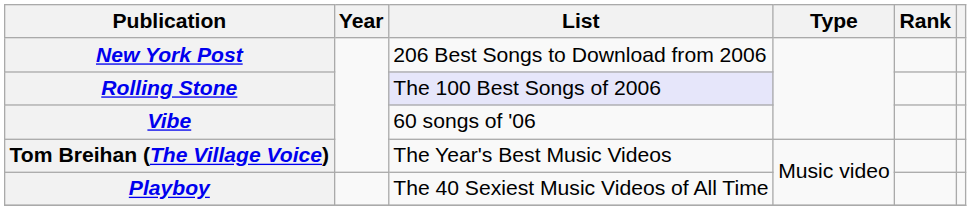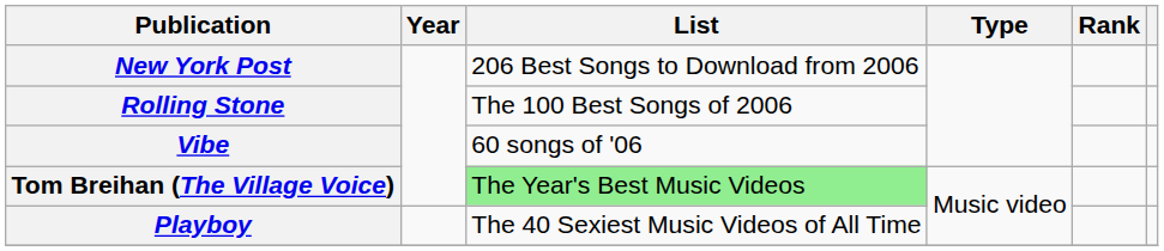 <table class="wikitable sortable plainrowheaders">
 <tr>
 <th scope="col">Publication</th>
 <th scope="col">Year</th>
 <th scope="col">List</th>
 <th scope="col">Type</th>
 <th scope="col">Rank</th>
 <th class="unsortable"></th>
 </tr>
 <tr>
 <th scope="row"><em><a href='#'>New York Post</a></em></th>
 <td rowspan="4"></td>
 <td>206 Best Songs to Download from 2006</td>
 <td rowspan="3"></td>
 <td></td>
 <td></td>
 </tr>
 <tr>
 <th scope="row"><em><a href='#'>Rolling Stone</a></em></th>
-<td style="background: lavender;">The 100 Best Songs of 2006</td>
+<td>The 100 Best Songs of 2006</td>
 <td></td>
 <td></td>
 </tr>
 <tr>
 <th scope="row"><em><a href='#'>Vibe</a></em></th>
 <td>60 songs of '06</td>
 <td></td>
 <td></td>
 </tr>
 <tr>
 <th scope="row">Tom Breihan (<em><a href='#'>The Village Voice</a></em>)</th>
-<td>The Year's Best Music Videos</td>
+<td style="background: lightgreen;">The Year's Best Music Videos</td>
 <td rowspan="2">Music video</td>
 <td></td>
 <td></td>
 </tr>
 <tr>
 <th scope="row"><em><a href='#'>Playboy</a></em></th>
 <td></td>
 <td>The 40 Sexiest Music Videos of All Time</td>
 <td></td>
 <td></td>
 </tr>
 <tr>
 </tr>
 </table>
